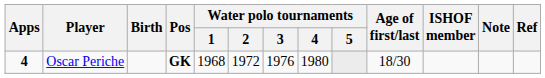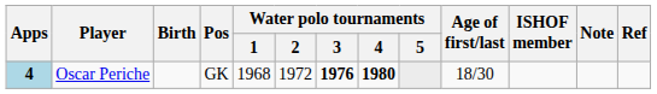 <table class="wikitable sortable" style="text-align: center; font-size: 90%; margin-left: 1em;">
 <tr>
 <th rowspan="2">Apps</th>
 <th rowspan="2">Player</th>
 <th rowspan="2">Birth</th>
 <th rowspan="2">Pos</th>
 <th colspan="5">Water polo tournaments</th>
 <th rowspan="2">Age of<br>first/last</th>
 <th rowspan="2">ISHOF<br>member</th>
 <th rowspan="2">Note</th>
 <th rowspan="2" class="unsortable">Ref</th>
 </tr>
 <tr>
 <th>1</th>
 <th style="width: 2em;" class="unsortable">2</th>
 <th style="width: 2em;" class="unsortable">3</th>
 <th style="width: 2em;" class="unsortable">4</th>
 <th style="width: 2em;" class="unsortable">5</th>
 </tr>
 <tr>
-<td><strong>4</strong></td>
+<td style="background: lightblue;"><strong>4</strong></td>
 <td style="text-align: left;" data-sort-value="Periche, Oscar"><a href='#'>Oscar Periche</a></td>
 <td></td>
-<td><strong>GK</strong></td>
+<td>GK</td>
 <td>1968</td>
 <td>1972</td>
-<td>1976</td>
-<td>1980</td>
+<td><strong>1976</strong></td>
+<td><strong>1980</strong></td>
 <td style="background-color: #ececec;"></td>
 <td>18/30</td>
 <td></td>
 <td style="text-align: left;"></td>
 <td></td>
 </tr>
 </table>
